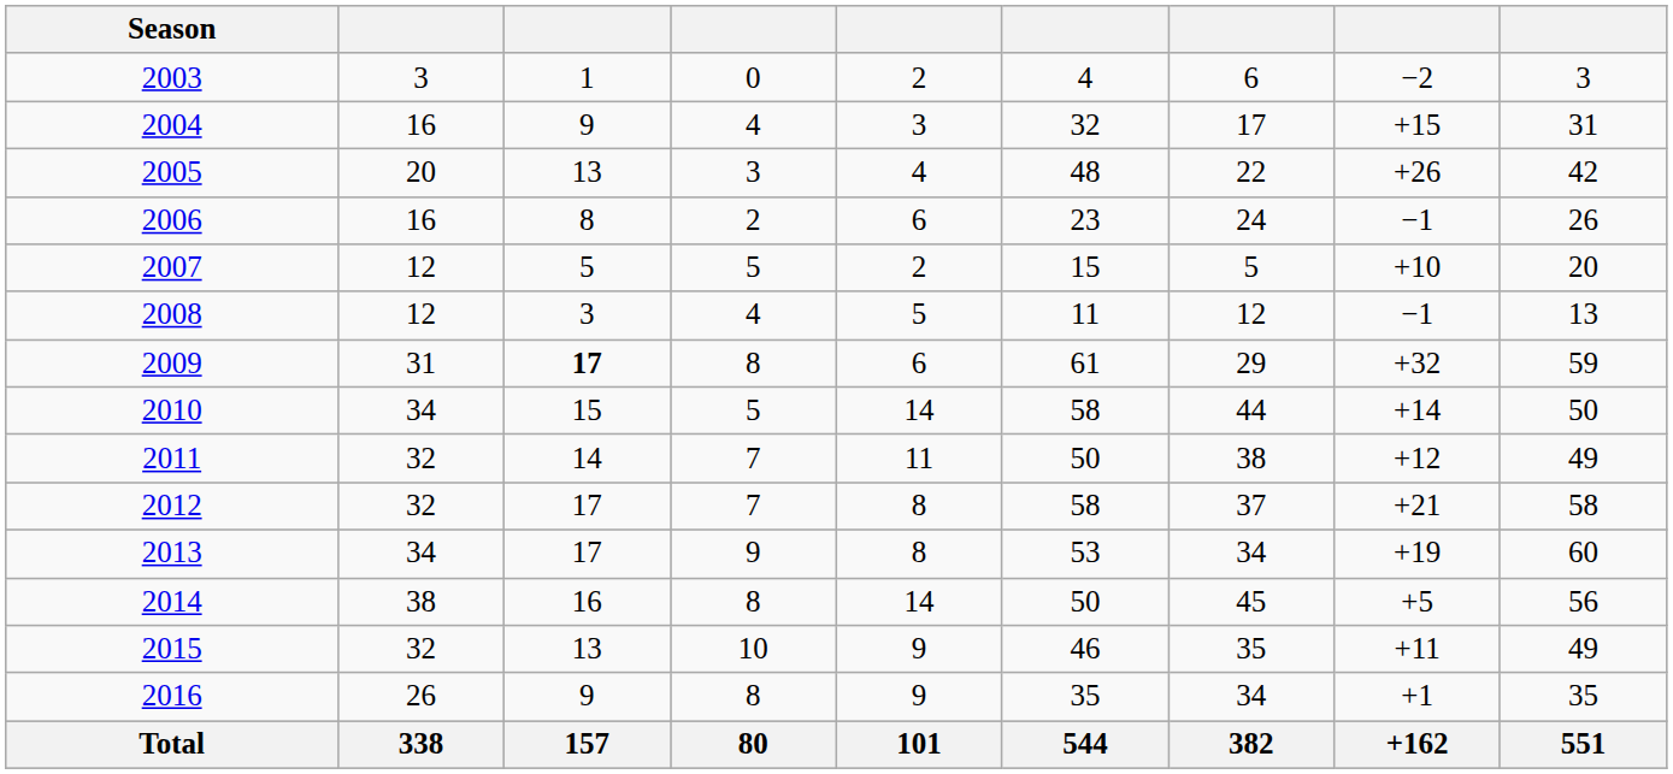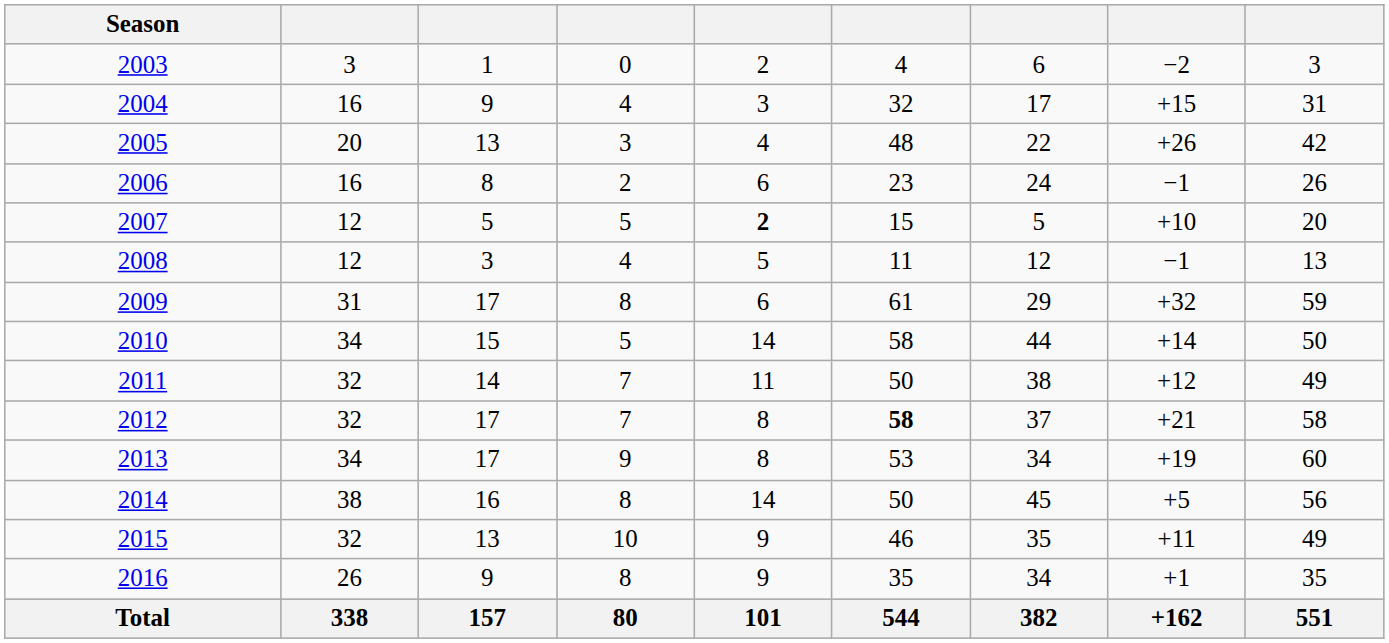 <table class="wikitable sortable" style="width:70%; text-align:center;">
 <tr>
 <th style="width:10%;">Season</th>
 <th width=5%></th>
 <th width=5%></th>
 <th width=5%></th>
 <th width=5%></th>
 <th width=5%></th>
 <th width=5%></th>
 <th width=5%></th>
 <th width=5%></th>
 </tr>
 <tr>
 <td><a href='#'>2003</a></td>
 <td>3</td>
 <td>1</td>
 <td>0</td>
 <td>2</td>
 <td>4</td>
 <td>6</td>
 <td>−2</td>
 <td>3</td>
 </tr>
 <tr>
 <td><a href='#'>2004</a></td>
 <td>16</td>
 <td>9</td>
 <td>4</td>
 <td>3</td>
 <td>32</td>
 <td>17</td>
 <td>+15</td>
 <td>31</td>
 </tr>
 <tr>
 <td><a href='#'>2005</a></td>
 <td>20</td>
 <td>13</td>
 <td>3</td>
 <td>4</td>
 <td>48</td>
 <td>22</td>
 <td>+26</td>
 <td>42</td>
 </tr>
 <tr>
 <td><a href='#'>2006</a></td>
 <td>16</td>
 <td>8</td>
 <td>2</td>
 <td>6</td>
 <td>23</td>
 <td>24</td>
 <td>−1</td>
 <td>26</td>
 </tr>
 <tr>
 <td><a href='#'>2007</a></td>
 <td>12</td>
 <td>5</td>
 <td>5</td>
-<td>2</td>
+<td><strong>2</strong></td>
 <td>15</td>
 <td>5</td>
 <td>+10</td>
 <td>20</td>
 </tr>
 <tr>
 <td><a href='#'>2008</a></td>
 <td>12</td>
 <td>3</td>
 <td>4</td>
 <td>5</td>
 <td>11</td>
 <td>12</td>
 <td>−1</td>
 <td>13</td>
 </tr>
 <tr>
 <td><a href='#'>2009</a></td>
 <td>31</td>
-<td><strong>17</strong></td>
+<td>17</td>
 <td>8</td>
 <td>6</td>
 <td>61</td>
 <td>29</td>
 <td>+32</td>
 <td>59</td>
 </tr>
 <tr>
 <td><a href='#'>2010</a></td>
 <td>34</td>
 <td>15</td>
 <td>5</td>
 <td>14</td>
 <td>58</td>
 <td>44</td>
 <td>+14</td>
 <td>50</td>
 </tr>
 <tr>
 <td><a href='#'>2011</a></td>
 <td>32</td>
 <td>14</td>
 <td>7</td>
 <td>11</td>
 <td>50</td>
 <td>38</td>
 <td>+12</td>
 <td>49</td>
 </tr>
 <tr>
 <td><a href='#'>2012</a></td>
 <td>32</td>
 <td>17</td>
 <td>7</td>
 <td>8</td>
-<td>58</td>
+<td><strong>58</strong></td>
 <td>37</td>
 <td>+21</td>
 <td>58</td>
 </tr>
 <tr>
 <td><a href='#'>2013</a></td>
 <td>34</td>
 <td>17</td>
 <td>9</td>
 <td>8</td>
 <td>53</td>
 <td>34</td>
 <td>+19</td>
 <td>60</td>
 </tr>
 <tr>
 <td><a href='#'>2014</a></td>
 <td>38</td>
 <td>16</td>
 <td>8</td>
 <td>14</td>
 <td>50</td>
 <td>45</td>
 <td>+5</td>
 <td>56</td>
 </tr>
 <tr>
 <td><a href='#'>2015</a></td>
 <td>32</td>
 <td>13</td>
 <td>10</td>
 <td>9</td>
 <td>46</td>
 <td>35</td>
 <td>+11</td>
 <td>49</td>
 </tr>
 <tr>
 <td><a href='#'>2016</a></td>
 <td>26</td>
 <td>9</td>
 <td>8</td>
 <td>9</td>
 <td>35</td>
 <td>34</td>
 <td>+1</td>
 <td>35</td>
 </tr>
 <tr>
 <th>Total</th>
 <th>338</th>
 <th>157</th>
 <th>80</th>
 <th>101</th>
 <th>544</th>
 <th>382</th>
 <th>+162</th>
 <th>551</th>
 </tr>
 </table>
